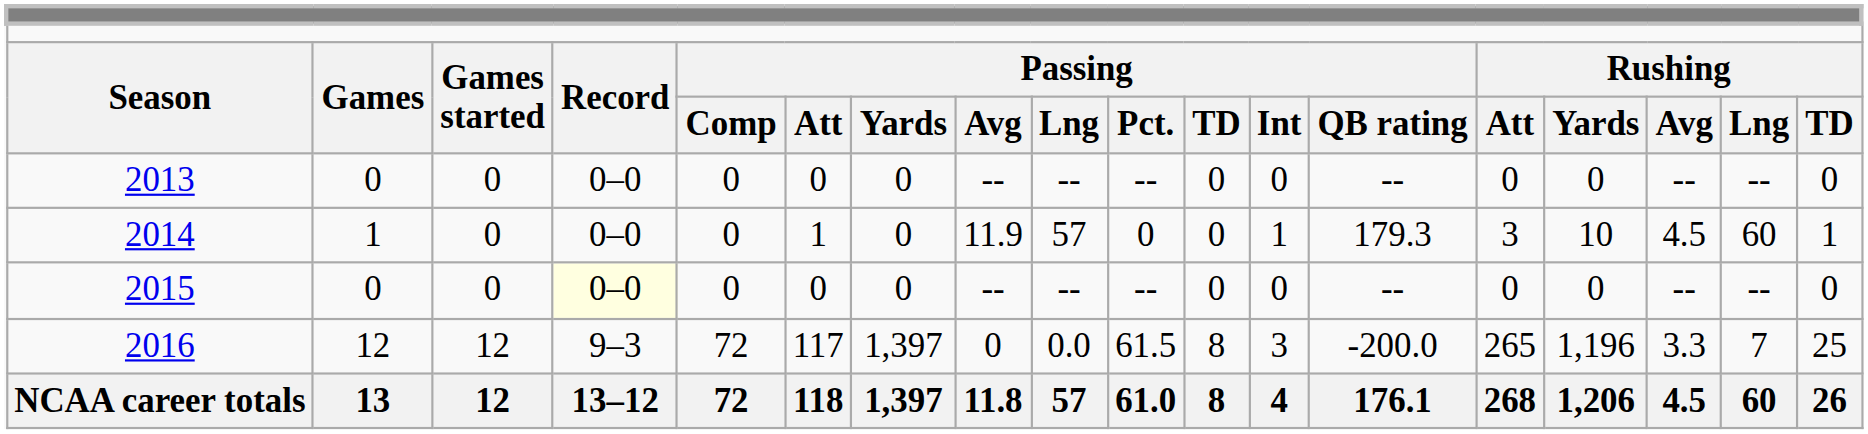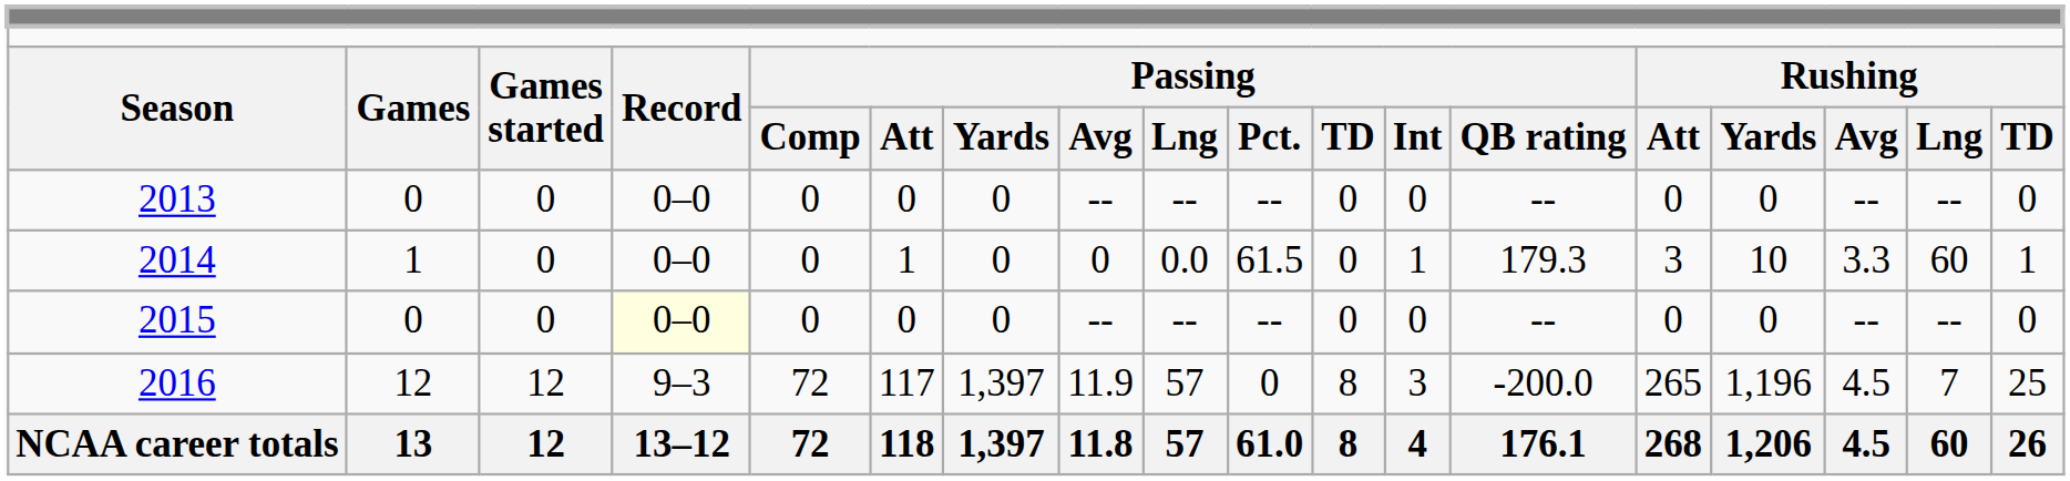 <table class=wikitable style="text-align:center;">
 <tr>
 <td ! colspan="18" style="background:gray; border:2px solid silver; color:white;"></td>
 </tr>
 <tr>
 <td ! colspan="18"></td>
 </tr>
 <tr>
 <th rowspan=2>Season</th>
 <th rowspan=2>Games</th>
 <th rowspan=2>Games<br>started</th>
 <th rowspan=2>Record</th>
 <th colspan=9>Passing</th>
 <th colspan=7>Rushing</th>
 </tr>
 <tr>
 <th>Comp</th>
 <th>Att</th>
 <th>Yards</th>
 <th>Avg</th>
 <th>Lng</th>
 <th>Pct.</th>
 <th>TD</th>
 <th>Int</th>
 <th>QB rating</th>
 <th>Att</th>
 <th>Yards</th>
 <th>Avg</th>
 <th>Lng</th>
 <th>TD</th>
 </tr>
 <tr>
 <td><a href='#'>2013</a></td>
 <td>0</td>
 <td>0</td>
 <td>0–0</td>
 <td>0</td>
 <td>0</td>
 <td>0</td>
 <td>--</td>
 <td>--</td>
 <td>--</td>
 <td>0</td>
 <td>0</td>
 <td>--</td>
 <td>0</td>
 <td>0</td>
 <td>--</td>
 <td>--</td>
 <td>0</td>
 </tr>
 <tr>
 <td><a href='#'>2014</a></td>
 <td>1</td>
 <td>0</td>
 <td>0–0</td>
 <td>0</td>
 <td>1</td>
 <td>0</td>
-<td>11.9</td>
-<td>57</td>
 <td>0</td>
+<td>0.0</td>
+<td>61.5</td>
 <td>0</td>
 <td>1</td>
 <td>179.3</td>
 <td>3</td>
 <td>10</td>
-<td>4.5</td>
+<td>3.3</td>
 <td>60</td>
 <td>1</td>
 </tr>
 <tr>
 <td><a href='#'>2015</a></td>
 <td>0</td>
 <td>0</td>
 <td style="background: lightyellow;">0–0</td>
 <td>0</td>
 <td>0</td>
 <td>0</td>
 <td>--</td>
 <td>--</td>
 <td>--</td>
 <td>0</td>
 <td>0</td>
 <td>--</td>
 <td>0</td>
 <td>0</td>
 <td>--</td>
 <td>--</td>
 <td>0</td>
 </tr>
 <tr>
 <td><a href='#'>2016</a></td>
 <td>12</td>
 <td>12</td>
 <td>9–3</td>
 <td>72</td>
 <td>117</td>
 <td>1,397</td>
+<td>11.9</td>
+<td>57</td>
 <td>0</td>
-<td>0.0</td>
-<td>61.5</td>
 <td>8</td>
 <td>3</td>
 <td>-200.0</td>
 <td>265</td>
 <td>1,196</td>
-<td>3.3</td>
+<td>4.5</td>
 <td>7</td>
 <td>25</td>
 </tr>
 <tr>
 <th>NCAA career totals</th>
 <th>13</th>
 <th>12</th>
 <th>13–12</th>
 <th>72</th>
 <th>118</th>
 <th>1,397</th>
 <th>11.8</th>
 <th>57</th>
 <th>61.0</th>
 <th>8</th>
 <th>4</th>
 <th>176.1</th>
 <th>268</th>
 <th>1,206</th>
 <th>4.5</th>
 <th>60</th>
 <th>26</th>
 </tr>
 </table>
